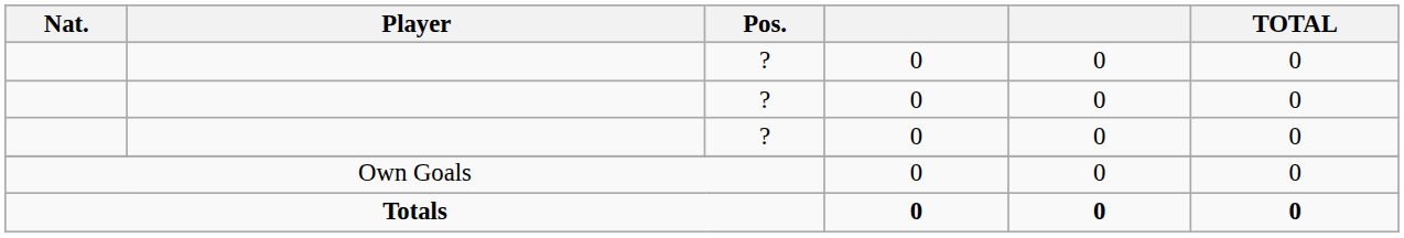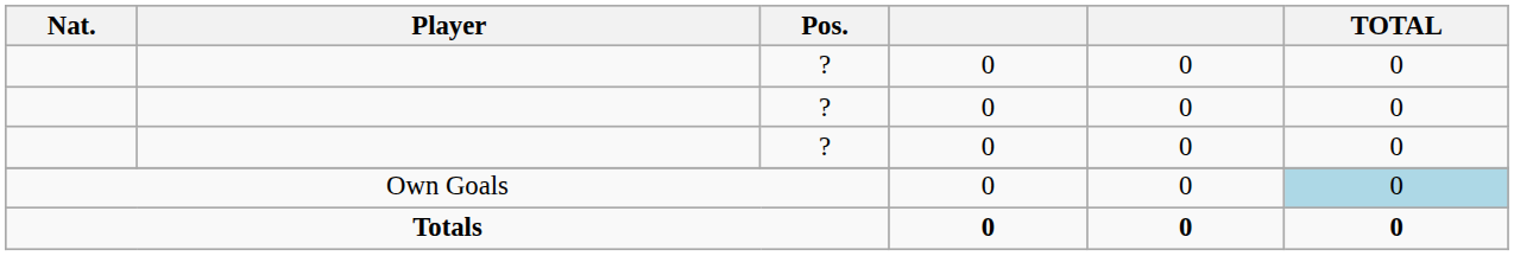 <table class="wikitable sortable alternance"  style="font-size:85%; text-align:center; line-height:14px; width:60%;">
 <tr>
 <th width=10>Nat.</th>
 <th width=140>Player</th>
 <th width=10>Pos.</th>
 <th width=40></th>
 <th width=40></th>
 <th width=10>TOTAL</th>
 </tr>
 <tr>
 <td></td>
 <td></td>
 <td>?</td>
 <td>0</td>
 <td>0</td>
 <td>0</td>
 </tr>
 <tr>
 <td></td>
 <td></td>
 <td>?</td>
 <td>0</td>
 <td>0</td>
 <td>0</td>
 </tr>
 <tr>
 <td></td>
 <td></td>
 <td>?</td>
 <td>0</td>
 <td>0</td>
 <td>0</td>
 </tr>
 <tr>
 </tr>
 <tr class="sortbottom">
 <td colspan="3">Own Goals</td>
 <td>0</td>
 <td>0</td>
-<td>0</td>
+<td style="background: lightblue;">0</td>
 </tr>
 <tr class="sortbottom">
 <td colspan="3"><strong>Totals</strong></td>
 <td><strong>0</strong></td>
 <td><strong>0</strong></td>
 <td><strong>0</strong></td>
 </tr>
 </table>
